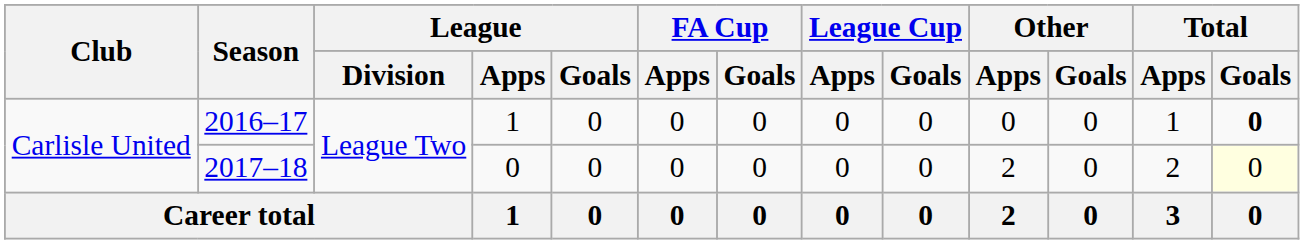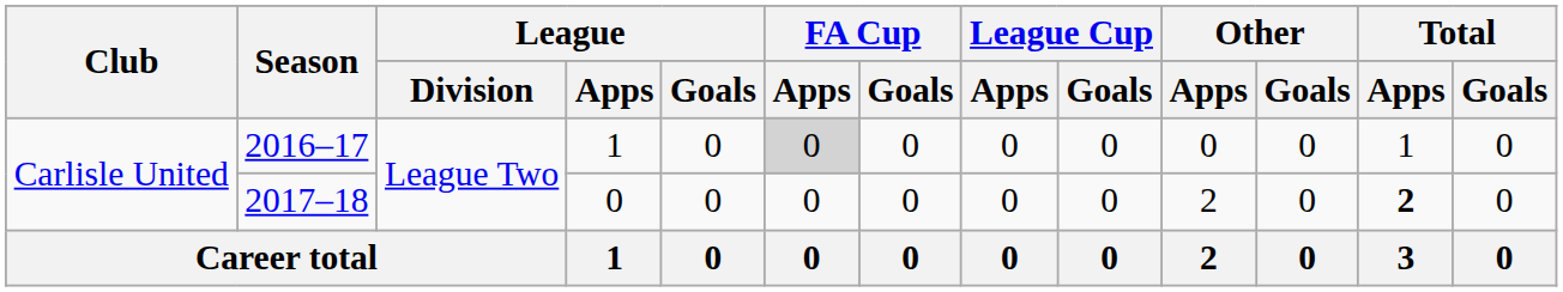 <table class="wikitable" style="text-align:center">
 <tr>
 <th rowspan="2">Club</th>
 <th rowspan="2">Season</th>
 <th colspan="3">League</th>
 <th colspan="2"><a href='#'>FA Cup</a></th>
 <th colspan="2"><a href='#'>League Cup</a></th>
 <th colspan="2">Other</th>
 <th colspan="2">Total</th>
 </tr>
 <tr>
 <th>Division</th>
 <th>Apps</th>
 <th>Goals</th>
 <th>Apps</th>
 <th>Goals</th>
 <th>Apps</th>
 <th>Goals</th>
 <th>Apps</th>
 <th>Goals</th>
 <th>Apps</th>
 <th>Goals</th>
 </tr>
 <tr>
 <td rowspan="2"><a href='#'>Carlisle United</a></td>
 <td><a href='#'>2016–17</a></td>
 <td rowspan="2"><a href='#'>League Two</a></td>
 <td>1</td>
 <td>0</td>
-<td>0</td>
+<td style="background: lightgrey;">0</td>
 <td>0</td>
 <td>0</td>
 <td>0</td>
 <td>0</td>
 <td>0</td>
 <td>1</td>
-<td><strong>0</strong></td>
+<td>0</td>
 </tr>
 <tr>
 <td><a href='#'>2017–18</a></td>
 <td>0</td>
 <td>0</td>
 <td>0</td>
 <td>0</td>
 <td>0</td>
 <td>0</td>
 <td>2</td>
 <td>0</td>
-<td>2</td>
-<td style="background: lightyellow;">0</td>
+<td><strong>2</strong></td>
+<td>0</td>
 </tr>
 <tr>
 <th colspan="3">Career total</th>
 <th>1</th>
 <th>0</th>
 <th>0</th>
 <th>0</th>
 <th>0</th>
 <th>0</th>
 <th>2</th>
 <th>0</th>
 <th>3</th>
 <th>0</th>
 </tr>
 </table>
